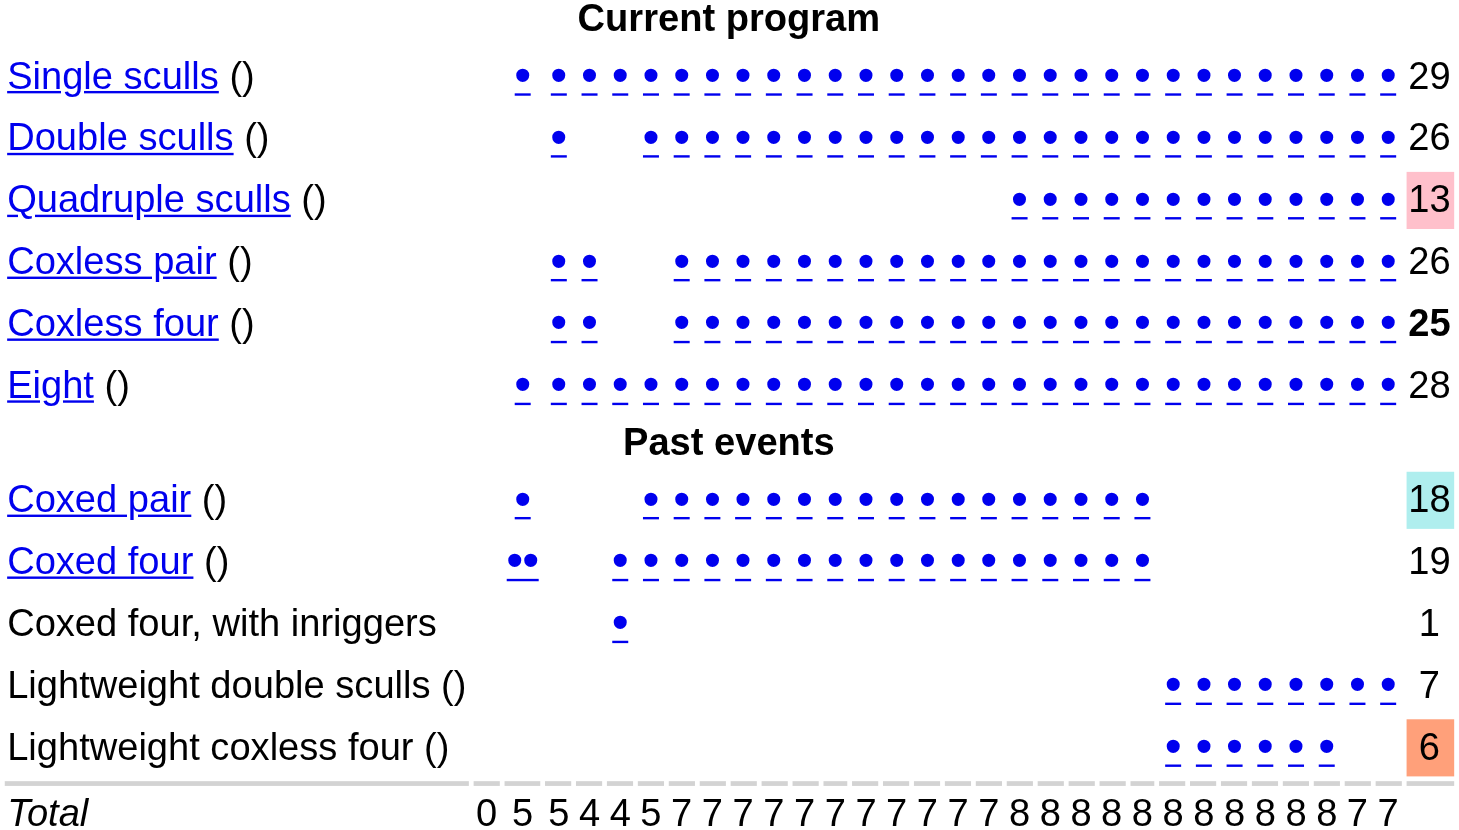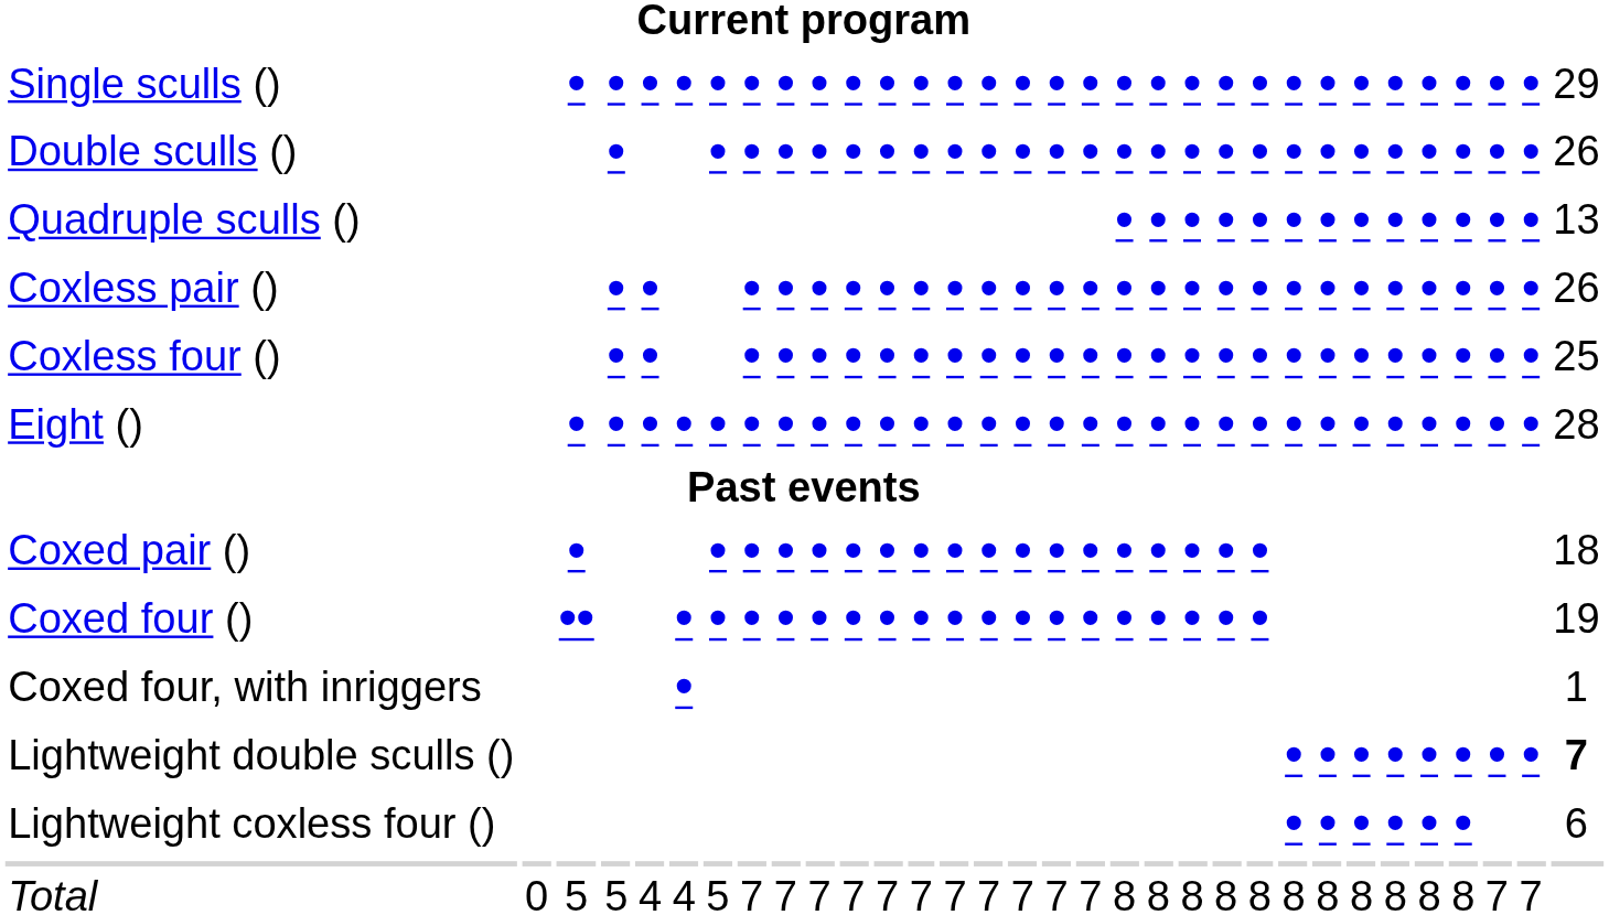 <table>
 <tr align=center>
 <td colspan=33 align=center><strong>Current program</strong></td>
 </tr>
 <tr align=center>
 <td align=left><a href='#'>Single sculls</a> ()</td>
 <td></td>
 <td><big><strong><a href='#'>•</a></strong></big></td>
 <td><big><strong><a href='#'>•</a></strong></big></td>
 <td><big><strong><a href='#'>•</a></strong></big></td>
 <td><big><strong><a href='#'>•</a></strong></big></td>
 <td><big><strong><a href='#'>•</a></strong></big></td>
 <td><big><strong><a href='#'>•</a></strong></big></td>
 <td><big><strong><a href='#'>•</a></strong></big></td>
 <td><big><strong><a href='#'>•</a></strong></big></td>
 <td><big><strong><a href='#'>•</a></strong></big></td>
 <td><big><strong><a href='#'>•</a></strong></big></td>
 <td><big><strong><a href='#'>•</a></strong></big></td>
 <td><big><strong><a href='#'>•</a></strong></big></td>
 <td><big><strong><a href='#'>•</a></strong></big></td>
 <td><big><strong><a href='#'>•</a></strong></big></td>
 <td><big><strong><a href='#'>•</a></strong></big></td>
 <td><big><strong><a href='#'>•</a></strong></big></td>
 <td><big><strong><a href='#'>•</a></strong></big></td>
 <td><big><strong><a href='#'>•</a></strong></big></td>
 <td><big><strong><a href='#'>•</a></strong></big></td>
 <td><big><strong><a href='#'>•</a></strong></big></td>
 <td><big><strong><a href='#'>•</a></strong></big></td>
 <td><big><strong><a href='#'>•</a></strong></big></td>
 <td><big><strong><a href='#'>•</a></strong></big></td>
 <td><big><strong><a href='#'>•</a></strong></big></td>
 <td><big><strong><a href='#'>•</a></strong></big></td>
 <td><big><strong><a href='#'>•</a></strong></big></td>
 <td><big><strong><a href='#'>•</a></strong></big></td>
 <td><big><strong><a href='#'>•</a></strong></big></td>
 <td><big><strong><a href='#'>•</a></strong></big></td>
 <td>29</td>
 </tr>
 <tr align=center>
 <td align=left><a href='#'>Double sculls</a> ()</td>
 <td></td>
 <td></td>
 <td><big><strong><a href='#'>•</a></strong></big></td>
 <td></td>
 <td></td>
 <td><big><strong><a href='#'>•</a></strong></big></td>
 <td><big><strong><a href='#'>•</a></strong></big></td>
 <td><big><strong><a href='#'>•</a></strong></big></td>
 <td><big><strong><a href='#'>•</a></strong></big></td>
 <td><big><strong><a href='#'>•</a></strong></big></td>
 <td><big><strong><a href='#'>•</a></strong></big></td>
 <td><big><strong><a href='#'>•</a></strong></big></td>
 <td><big><strong><a href='#'>•</a></strong></big></td>
 <td><big><strong><a href='#'>•</a></strong></big></td>
 <td><big><strong><a href='#'>•</a></strong></big></td>
 <td><big><strong><a href='#'>•</a></strong></big></td>
 <td><big><strong><a href='#'>•</a></strong></big></td>
 <td><big><strong><a href='#'>•</a></strong></big></td>
 <td><big><strong><a href='#'>•</a></strong></big></td>
 <td><big><strong><a href='#'>•</a></strong></big></td>
 <td><big><strong><a href='#'>•</a></strong></big></td>
 <td><big><strong><a href='#'>•</a></strong></big></td>
 <td><big><strong><a href='#'>•</a></strong></big></td>
 <td><big><strong><a href='#'>•</a></strong></big></td>
 <td><big><strong><a href='#'>•</a></strong></big></td>
 <td><big><strong><a href='#'>•</a></strong></big></td>
 <td><big><strong><a href='#'>•</a></strong></big></td>
 <td><big><strong><a href='#'>•</a></strong></big></td>
 <td><big><strong><a href='#'>•</a></strong></big></td>
 <td><big><strong><a href='#'>•</a></strong></big></td>
 <td>26</td>
 </tr>
 <tr align=center>
 <td align=left><a href='#'>Quadruple sculls</a> ()</td>
 <td></td>
 <td></td>
 <td></td>
 <td></td>
 <td></td>
 <td></td>
 <td></td>
 <td></td>
 <td></td>
 <td></td>
 <td></td>
 <td></td>
 <td></td>
 <td></td>
 <td></td>
 <td></td>
 <td></td>
 <td><big><strong><a href='#'>•</a></strong></big></td>
 <td><big><strong><a href='#'>•</a></strong></big></td>
 <td><big><strong><a href='#'>•</a></strong></big></td>
 <td><big><strong><a href='#'>•</a></strong></big></td>
 <td><big><strong><a href='#'>•</a></strong></big></td>
 <td><big><strong><a href='#'>•</a></strong></big></td>
 <td><big><strong><a href='#'>•</a></strong></big></td>
 <td><big><strong><a href='#'>•</a></strong></big></td>
 <td><big><strong><a href='#'>•</a></strong></big></td>
 <td><big><strong><a href='#'>•</a></strong></big></td>
 <td><big><strong><a href='#'>•</a></strong></big></td>
 <td><big><strong><a href='#'>•</a></strong></big></td>
 <td><big><strong><a href='#'>•</a></strong></big></td>
-<td style="background: pink;">13</td>
+<td>13</td>
 </tr>
 <tr align=center>
 <td align=left><a href='#'>Coxless pair</a> ()</td>
 <td></td>
 <td></td>
 <td><big><strong><a href='#'>•</a></strong></big></td>
 <td><big><strong><a href='#'>•</a></strong></big></td>
 <td></td>
 <td></td>
 <td><big><strong><a href='#'>•</a></strong></big></td>
 <td><big><strong><a href='#'>•</a></strong></big></td>
 <td><big><strong><a href='#'>•</a></strong></big></td>
 <td><big><strong><a href='#'>•</a></strong></big></td>
 <td><big><strong><a href='#'>•</a></strong></big></td>
 <td><big><strong><a href='#'>•</a></strong></big></td>
 <td><big><strong><a href='#'>•</a></strong></big></td>
 <td><big><strong><a href='#'>•</a></strong></big></td>
 <td><big><strong><a href='#'>•</a></strong></big></td>
 <td><big><strong><a href='#'>•</a></strong></big></td>
 <td><big><strong><a href='#'>•</a></strong></big></td>
 <td><big><strong><a href='#'>•</a></strong></big></td>
 <td><big><strong><a href='#'>•</a></strong></big></td>
 <td><big><strong><a href='#'>•</a></strong></big></td>
 <td><big><strong><a href='#'>•</a></strong></big></td>
 <td><big><strong><a href='#'>•</a></strong></big></td>
 <td><big><strong><a href='#'>•</a></strong></big></td>
 <td><big><strong><a href='#'>•</a></strong></big></td>
 <td><big><strong><a href='#'>•</a></strong></big></td>
 <td><big><strong><a href='#'>•</a></strong></big></td>
 <td><big><strong><a href='#'>•</a></strong></big></td>
 <td><big><strong><a href='#'>•</a></strong></big></td>
 <td><big><strong><a href='#'>•</a></strong></big></td>
 <td><big><strong><a href='#'>•</a></strong></big></td>
 <td>26</td>
 </tr>
 <tr align=center>
 <td align=left><a href='#'>Coxless four</a> ()</td>
 <td></td>
 <td></td>
 <td><big><strong><a href='#'>•</a></strong></big></td>
 <td><big><strong><a href='#'>•</a></strong></big></td>
 <td></td>
 <td></td>
 <td><big><strong><a href='#'>•</a></strong></big></td>
 <td><big><strong><a href='#'>•</a></strong></big></td>
 <td><big><strong><a href='#'>•</a></strong></big></td>
 <td><big><strong><a href='#'>•</a></strong></big></td>
 <td><big><strong><a href='#'>•</a></strong></big></td>
 <td><big><strong><a href='#'>•</a></strong></big></td>
 <td><big><strong><a href='#'>•</a></strong></big></td>
 <td><big><strong><a href='#'>•</a></strong></big></td>
 <td><big><strong><a href='#'>•</a></strong></big></td>
 <td><big><strong><a href='#'>•</a></strong></big></td>
 <td><big><strong><a href='#'>•</a></strong></big></td>
 <td><big><strong><a href='#'>•</a></strong></big></td>
 <td><big><strong><a href='#'>•</a></strong></big></td>
 <td><big><strong><a href='#'>•</a></strong></big></td>
 <td><big><strong><a href='#'>•</a></strong></big></td>
 <td><big><strong><a href='#'>•</a></strong></big></td>
 <td><big><strong><a href='#'>•</a></strong></big></td>
 <td><big><strong><a href='#'>•</a></strong></big></td>
 <td><big><strong><a href='#'>•</a></strong></big></td>
 <td><big><strong><a href='#'>•</a></strong></big></td>
 <td><big><strong><a href='#'>•</a></strong></big></td>
 <td><big><strong><a href='#'>•</a></strong></big></td>
 <td><big><strong><a href='#'>•</a></strong></big></td>
 <td><big><strong><a href='#'>•</a></strong></big></td>
-<td><strong>25</strong></td>
+<td>25</td>
 </tr>
 <tr align=center>
 <td align=left><a href='#'>Eight</a> ()</td>
 <td></td>
 <td><big><strong><a href='#'>•</a></strong></big></td>
 <td><big><strong><a href='#'>•</a></strong></big></td>
 <td><big><strong><a href='#'>•</a></strong></big></td>
 <td><big><strong><a href='#'>•</a></strong></big></td>
 <td><big><strong><a href='#'>•</a></strong></big></td>
 <td><big><strong><a href='#'>•</a></strong></big></td>
 <td><big><strong><a href='#'>•</a></strong></big></td>
 <td><big><strong><a href='#'>•</a></strong></big></td>
 <td><big><strong><a href='#'>•</a></strong></big></td>
 <td><big><strong><a href='#'>•</a></strong></big></td>
 <td><big><strong><a href='#'>•</a></strong></big></td>
 <td><big><strong><a href='#'>•</a></strong></big></td>
 <td><big><strong><a href='#'>•</a></strong></big></td>
 <td><big><strong><a href='#'>•</a></strong></big></td>
 <td><big><strong><a href='#'>•</a></strong></big></td>
 <td><big><strong><a href='#'>•</a></strong></big></td>
 <td><big><strong><a href='#'>•</a></strong></big></td>
 <td><big><strong><a href='#'>•</a></strong></big></td>
 <td><big><strong><a href='#'>•</a></strong></big></td>
 <td><big><strong><a href='#'>•</a></strong></big></td>
 <td><big><strong><a href='#'>•</a></strong></big></td>
 <td><big><strong><a href='#'>•</a></strong></big></td>
 <td><big><strong><a href='#'>•</a></strong></big></td>
 <td><big><strong><a href='#'>•</a></strong></big></td>
 <td><big><strong><a href='#'>•</a></strong></big></td>
 <td><big><strong><a href='#'>•</a></strong></big></td>
 <td><big><strong><a href='#'>•</a></strong></big></td>
 <td><big><strong><a href='#'>•</a></strong></big></td>
 <td><big><strong><a href='#'>•</a></strong></big></td>
 <td>28</td>
 </tr>
 <tr align=center>
 <td colspan=32 align=center><strong>Past events</strong></td>
 </tr>
 <tr align=center>
 <td align=left><a href='#'>Coxed pair</a> ()</td>
 <td></td>
 <td><big><strong><a href='#'>•</a></strong></big></td>
 <td></td>
 <td></td>
 <td></td>
 <td><big><strong><a href='#'>•</a></strong></big></td>
 <td><big><strong><a href='#'>•</a></strong></big></td>
 <td><big><strong><a href='#'>•</a></strong></big></td>
 <td><big><strong><a href='#'>•</a></strong></big></td>
 <td><big><strong><a href='#'>•</a></strong></big></td>
 <td><big><strong><a href='#'>•</a></strong></big></td>
 <td><big><strong><a href='#'>•</a></strong></big></td>
 <td><big><strong><a href='#'>•</a></strong></big></td>
 <td><big><strong><a href='#'>•</a></strong></big></td>
 <td><big><strong><a href='#'>•</a></strong></big></td>
 <td><big><strong><a href='#'>•</a></strong></big></td>
 <td><big><strong><a href='#'>•</a></strong></big></td>
 <td><big><strong><a href='#'>•</a></strong></big></td>
 <td><big><strong><a href='#'>•</a></strong></big></td>
 <td><big><strong><a href='#'>•</a></strong></big></td>
 <td><big><strong><a href='#'>•</a></strong></big></td>
 <td><big><strong><a href='#'>•</a></strong></big></td>
 <td></td>
 <td></td>
 <td></td>
 <td></td>
 <td></td>
 <td></td>
 <td></td>
 <td></td>
-<td style="background: paleturquoise;">18</td>
+<td>18</td>
 </tr>
 <tr align=center>
 <td align=left><a href='#'>Coxed four</a> ()</td>
 <td></td>
 <td><big><strong><a href='#'>••</a></strong></big></td>
 <td></td>
 <td></td>
 <td><big><strong><a href='#'>•</a></strong></big></td>
 <td><big><strong><a href='#'>•</a></strong></big></td>
 <td><big><strong><a href='#'>•</a></strong></big></td>
 <td><big><strong><a href='#'>•</a></strong></big></td>
 <td><big><strong><a href='#'>•</a></strong></big></td>
 <td><big><strong><a href='#'>•</a></strong></big></td>
 <td><big><strong><a href='#'>•</a></strong></big></td>
 <td><big><strong><a href='#'>•</a></strong></big></td>
 <td><big><strong><a href='#'>•</a></strong></big></td>
 <td><big><strong><a href='#'>•</a></strong></big></td>
 <td><big><strong><a href='#'>•</a></strong></big></td>
 <td><big><strong><a href='#'>•</a></strong></big></td>
 <td><big><strong><a href='#'>•</a></strong></big></td>
 <td><big><strong><a href='#'>•</a></strong></big></td>
 <td><big><strong><a href='#'>•</a></strong></big></td>
 <td><big><strong><a href='#'>•</a></strong></big></td>
 <td><big><strong><a href='#'>•</a></strong></big></td>
 <td><big><strong><a href='#'>•</a></strong></big></td>
 <td></td>
 <td></td>
 <td></td>
 <td></td>
 <td></td>
 <td></td>
 <td></td>
 <td></td>
 <td>19</td>
 </tr>
 <tr align=center>
 <td align=left>Coxed four, with inriggers</td>
 <td></td>
 <td></td>
 <td></td>
 <td></td>
 <td><big><strong><a href='#'>•</a></strong></big></td>
 <td></td>
 <td></td>
 <td></td>
 <td></td>
 <td></td>
 <td></td>
 <td></td>
 <td></td>
 <td></td>
 <td></td>
 <td></td>
 <td></td>
 <td></td>
 <td></td>
 <td></td>
 <td></td>
 <td></td>
 <td></td>
 <td></td>
 <td></td>
 <td></td>
 <td></td>
 <td></td>
 <td></td>
 <td></td>
 <td>1</td>
 </tr>
 <tr align=center>
 <td align=left>Lightweight double sculls ()</td>
 <td></td>
 <td></td>
 <td></td>
 <td></td>
 <td></td>
 <td></td>
 <td></td>
 <td></td>
 <td></td>
 <td></td>
 <td></td>
 <td></td>
 <td></td>
 <td></td>
 <td></td>
 <td></td>
 <td></td>
 <td></td>
 <td></td>
 <td></td>
 <td></td>
 <td></td>
 <td><big><strong><a href='#'>•</a></strong></big></td>
 <td><big><strong><a href='#'>•</a></strong></big></td>
 <td><big><strong><a href='#'>•</a></strong></big></td>
 <td><big><strong><a href='#'>•</a></strong></big></td>
 <td><big><strong><a href='#'>•</a></strong></big></td>
 <td><big><strong><a href='#'>•</a></strong></big></td>
 <td><big><strong><a href='#'>•</a></strong></big></td>
 <td><big><strong><a href='#'>•</a></strong></big></td>
-<td>7</td>
+<td><strong>7</strong></td>
 </tr>
 <tr align=center>
 <td align=left>Lightweight coxless four ()</td>
 <td></td>
 <td></td>
 <td></td>
 <td></td>
 <td></td>
 <td></td>
 <td></td>
 <td></td>
 <td></td>
 <td></td>
 <td></td>
 <td></td>
 <td></td>
 <td></td>
 <td></td>
 <td></td>
 <td></td>
 <td></td>
 <td></td>
 <td></td>
 <td></td>
 <td></td>
 <td><big><strong><a href='#'>•</a></strong></big></td>
 <td><big><strong><a href='#'>•</a></strong></big></td>
 <td><big><strong><a href='#'>•</a></strong></big></td>
 <td><big><strong><a href='#'>•</a></strong></big></td>
 <td><big><strong><a href='#'>•</a></strong></big></td>
 <td><big><strong><a href='#'>•</a></strong></big></td>
 <td></td>
 <td></td>
-<td style="background: lightsalmon;">6</td>
+<td>6</td>
 </tr>
 <tr bgcolor=lightgray>
 <td></td>
 <td></td>
 <td></td>
 <td></td>
 <td></td>
 <td></td>
 <td></td>
 <td></td>
 <td></td>
 <td></td>
 <td></td>
 <td></td>
 <td></td>
 <td></td>
 <td></td>
 <td></td>
 <td></td>
 <td></td>
 <td></td>
 <td></td>
 <td></td>
 <td></td>
 <td></td>
 <td></td>
 <td></td>
 <td></td>
 <td></td>
 <td></td>
 <td></td>
 <td></td>
 <td></td>
 <td></td>
 </tr>
 <tr align=center>
 <td align=left><em>Total</em></td>
 <td>0</td>
 <td>5</td>
 <td>5</td>
 <td>4</td>
 <td>4</td>
 <td>5</td>
 <td>7</td>
 <td>7</td>
 <td>7</td>
 <td>7</td>
 <td>7</td>
 <td>7</td>
 <td>7</td>
 <td>7</td>
 <td>7</td>
 <td>7</td>
 <td>7</td>
 <td>8</td>
 <td>8</td>
 <td>8</td>
 <td>8</td>
 <td>8</td>
 <td>8</td>
 <td>8</td>
 <td>8</td>
 <td>8</td>
 <td>8</td>
 <td>8</td>
 <td>7</td>
 <td>7</td>
 <td></td>
 </tr>
 </table>
